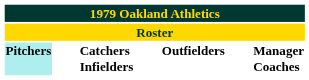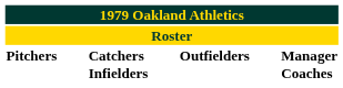 <table class="toccolours" style="font-size: 95%;">
 <tr>
 <th colspan="10" style="background-color: #003831; color: #FFD800; text-align: center;">1979 Oakland Athletics</th>
 </tr>
 <tr>
 <td colspan="10" style="background-color: #FFD800; color: #003831; text-align: center;"><strong>Roster</strong></td>
 </tr>
 <tr>
-<td valign="top" style="background: paleturquoise;"><strong>Pitchers</strong><br>            </td>
+<td valign="top"><strong>Pitchers</strong><br>            </td>
 <td width="25px"></td>
 <td valign="top"><strong>Catchers</strong><br>  <strong>Infielders</strong>        </td>
 <td width="25px"></td>
 <td valign="top"><strong>Outfielders</strong><br>         </td>
 <td width="25px"></td>
 <td valign="top"><strong>Manager</strong><br> <strong>Coaches</strong>    </td>
 </tr>
 </table>
